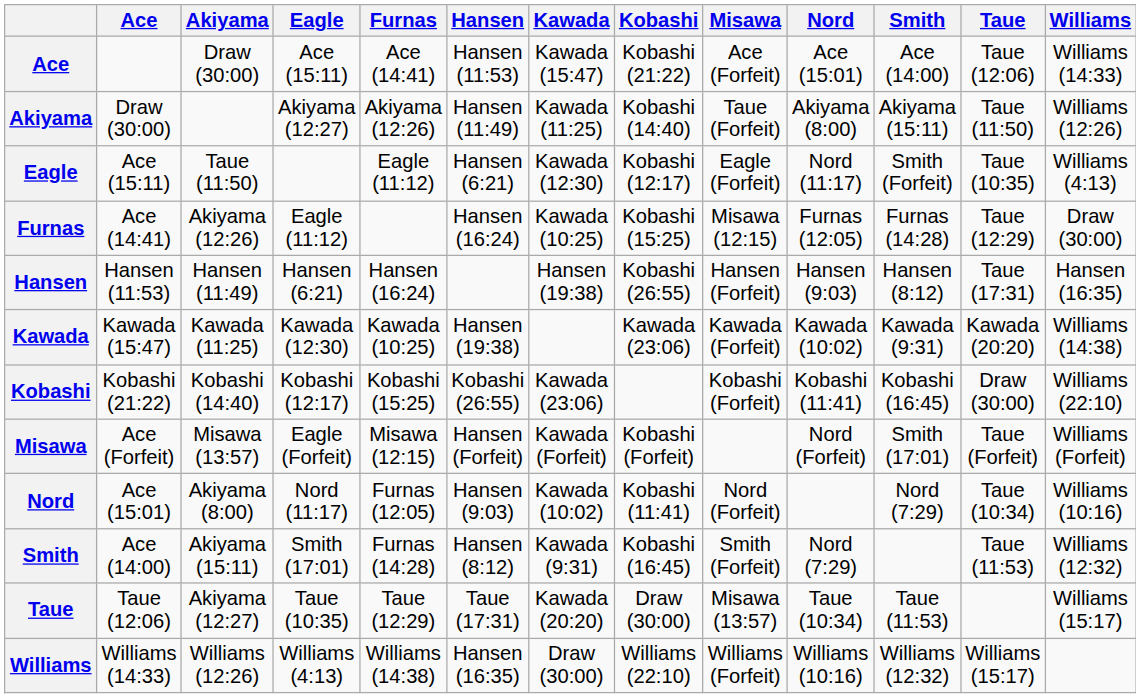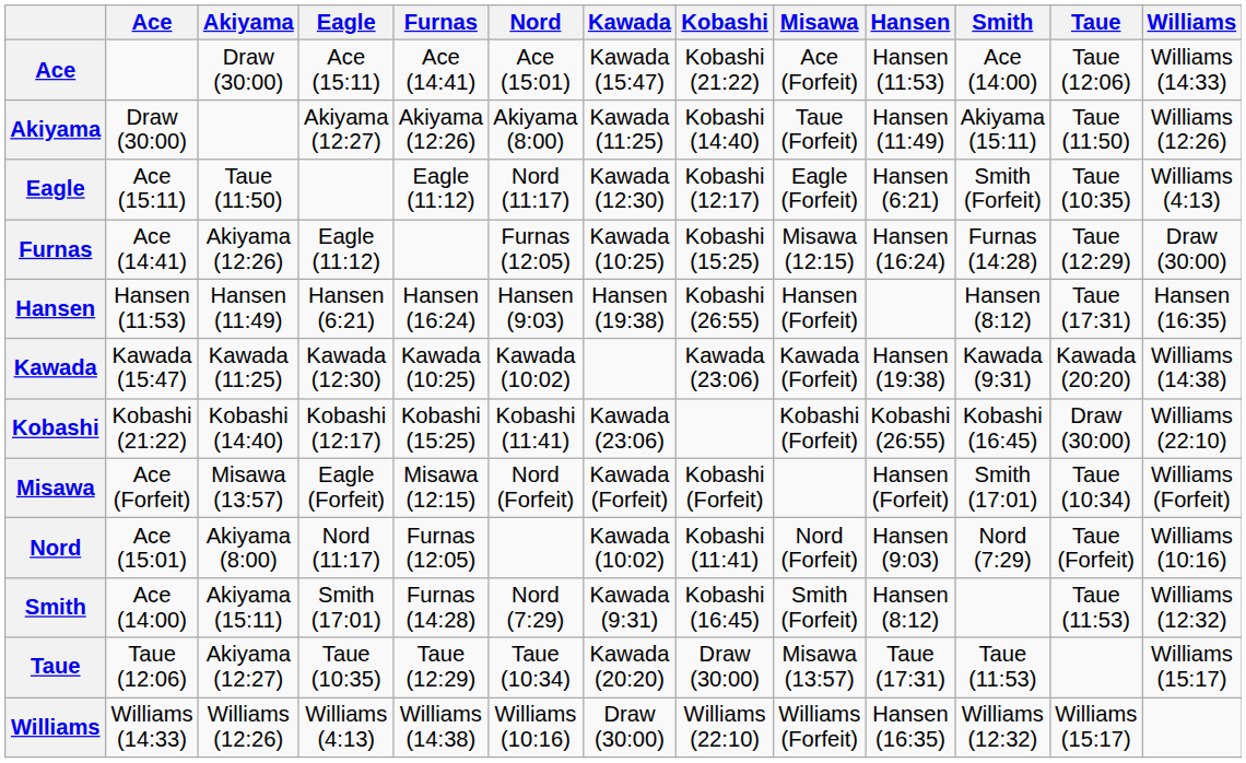 <table class="wikitable" style="margin: 1em auto 1em auto; text-align:center;">
 <tr>
 <th></th>
 <th><a href='#'>Ace</a></th>
 <th><a href='#'>Akiyama</a></th>
 <th><a href='#'>Eagle</a></th>
 <th><a href='#'>Furnas</a></th>
-<th><a href='#'>Hansen</a></th>
+<th><a href='#'>Nord</a></th>
 <th><a href='#'>Kawada</a></th>
 <th><a href='#'>Kobashi</a></th>
 <th><a href='#'>Misawa</a></th>
-<th><a href='#'>Nord</a></th>
+<th><a href='#'>Hansen</a></th>
 <th><a href='#'>Smith</a></th>
 <th><a href='#'>Taue</a></th>
 <th><a href='#'>Williams</a></th>
 </tr>
 <tr>
 <th><a href='#'>Ace</a></th>
 <td></td>
 <td>Draw<br>(30:00)</td>
 <td>Ace<br>(15:11)</td>
 <td>Ace<br>(14:41)</td>
-<td>Hansen<br>(11:53)</td>
+<td>Ace<br>(15:01)</td>
 <td>Kawada<br>(15:47)</td>
 <td>Kobashi<br>(21:22)</td>
 <td>Ace<br>(Forfeit)</td>
-<td>Ace<br>(15:01)</td>
+<td>Hansen<br>(11:53)</td>
 <td>Ace<br>(14:00)</td>
 <td>Taue<br>(12:06)</td>
 <td>Williams<br>(14:33)</td>
 </tr>
 <tr>
 <th><a href='#'>Akiyama</a></th>
 <td>Draw<br>(30:00)</td>
 <td></td>
 <td>Akiyama<br>(12:27)</td>
 <td>Akiyama<br>(12:26)</td>
-<td>Hansen<br>(11:49)</td>
+<td>Akiyama<br>(8:00)</td>
 <td>Kawada<br>(11:25)</td>
 <td>Kobashi<br>(14:40)</td>
 <td>Taue<br>(Forfeit)</td>
-<td>Akiyama<br>(8:00)</td>
+<td>Hansen<br>(11:49)</td>
 <td>Akiyama<br>(15:11)</td>
 <td>Taue<br>(11:50)</td>
 <td>Williams<br>(12:26)</td>
 </tr>
 <tr>
 <th><a href='#'>Eagle</a></th>
 <td>Ace<br>(15:11)</td>
 <td>Taue<br>(11:50)</td>
 <td></td>
 <td>Eagle<br>(11:12)</td>
-<td>Hansen<br>(6:21)</td>
+<td>Nord<br>(11:17)</td>
 <td>Kawada<br>(12:30)</td>
 <td>Kobashi<br>(12:17)</td>
 <td>Eagle<br>(Forfeit)</td>
-<td>Nord<br>(11:17)</td>
+<td>Hansen<br>(6:21)</td>
 <td>Smith<br>(Forfeit)</td>
 <td>Taue<br>(10:35)</td>
 <td>Williams<br>(4:13)</td>
 </tr>
 <tr>
 <th><a href='#'>Furnas</a></th>
 <td>Ace<br>(14:41)</td>
 <td>Akiyama<br>(12:26)</td>
 <td>Eagle<br>(11:12)</td>
 <td></td>
-<td>Hansen<br>(16:24)</td>
+<td>Furnas<br>(12:05)</td>
 <td>Kawada<br>(10:25)</td>
 <td>Kobashi<br>(15:25)</td>
 <td>Misawa<br>(12:15)</td>
-<td>Furnas<br>(12:05)</td>
+<td>Hansen<br>(16:24)</td>
 <td>Furnas<br>(14:28)</td>
 <td>Taue<br>(12:29)</td>
 <td>Draw<br>(30:00)</td>
 </tr>
 <tr>
 <th><a href='#'>Hansen</a></th>
 <td>Hansen<br>(11:53)</td>
 <td>Hansen<br>(11:49)</td>
 <td>Hansen<br>(6:21)</td>
 <td>Hansen<br>(16:24)</td>
-<td></td>
+<td>Hansen<br>(9:03)</td>
 <td>Hansen<br>(19:38)</td>
 <td>Kobashi<br>(26:55)</td>
 <td>Hansen<br>(Forfeit)</td>
-<td>Hansen<br>(9:03)</td>
+<td></td>
 <td>Hansen<br>(8:12)</td>
 <td>Taue<br>(17:31)</td>
 <td>Hansen<br>(16:35)</td>
 </tr>
 <tr>
 <th><a href='#'>Kawada</a></th>
 <td>Kawada<br>(15:47)</td>
 <td>Kawada<br>(11:25)</td>
 <td>Kawada<br>(12:30)</td>
 <td>Kawada<br>(10:25)</td>
-<td>Hansen<br>(19:38)</td>
+<td>Kawada<br>(10:02)</td>
 <td></td>
 <td>Kawada<br>(23:06)</td>
 <td>Kawada<br>(Forfeit)</td>
-<td>Kawada<br>(10:02)</td>
+<td>Hansen<br>(19:38)</td>
 <td>Kawada<br>(9:31)</td>
 <td>Kawada<br>(20:20)</td>
 <td>Williams<br>(14:38)</td>
 </tr>
 <tr>
 <th><a href='#'>Kobashi</a></th>
 <td>Kobashi<br>(21:22)</td>
 <td>Kobashi<br>(14:40)</td>
 <td>Kobashi<br>(12:17)</td>
 <td>Kobashi<br>(15:25)</td>
-<td>Kobashi<br>(26:55)</td>
+<td>Kobashi<br>(11:41)</td>
 <td>Kawada<br>(23:06)</td>
 <td></td>
 <td>Kobashi<br>(Forfeit)</td>
-<td>Kobashi<br>(11:41)</td>
+<td>Kobashi<br>(26:55)</td>
 <td>Kobashi<br>(16:45)</td>
 <td>Draw<br>(30:00)</td>
 <td>Williams<br>(22:10)</td>
 </tr>
 <tr>
 <th><a href='#'>Misawa</a></th>
 <td>Ace<br>(Forfeit)</td>
 <td>Misawa<br>(13:57)</td>
 <td>Eagle<br>(Forfeit)</td>
 <td>Misawa<br>(12:15)</td>
-<td>Hansen<br>(Forfeit)</td>
+<td>Nord<br>(Forfeit)</td>
 <td>Kawada<br>(Forfeit)</td>
 <td>Kobashi<br>(Forfeit)</td>
 <td></td>
-<td>Nord<br>(Forfeit)</td>
+<td>Hansen<br>(Forfeit)</td>
 <td>Smith<br>(17:01)</td>
-<td>Taue<br>(Forfeit)</td>
+<td>Taue<br>(10:34)</td>
 <td>Williams<br>(Forfeit)</td>
 </tr>
 <tr>
 <th><a href='#'>Nord</a></th>
 <td>Ace<br>(15:01)</td>
 <td>Akiyama<br>(8:00)</td>
 <td>Nord<br>(11:17)</td>
 <td>Furnas<br>(12:05)</td>
-<td>Hansen<br>(9:03)</td>
+<td></td>
 <td>Kawada<br>(10:02)</td>
 <td>Kobashi<br>(11:41)</td>
 <td>Nord<br>(Forfeit)</td>
-<td></td>
+<td>Hansen<br>(9:03)</td>
 <td>Nord<br>(7:29)</td>
-<td>Taue<br>(10:34)</td>
+<td>Taue<br>(Forfeit)</td>
 <td>Williams<br>(10:16)</td>
 </tr>
 <tr>
 <th><a href='#'>Smith</a></th>
 <td>Ace<br>(14:00)</td>
 <td>Akiyama<br>(15:11)</td>
 <td>Smith<br>(17:01)</td>
 <td>Furnas<br>(14:28)</td>
-<td>Hansen<br>(8:12)</td>
+<td>Nord<br>(7:29)</td>
 <td>Kawada<br>(9:31)</td>
 <td>Kobashi<br>(16:45)</td>
 <td>Smith<br>(Forfeit)</td>
-<td>Nord<br>(7:29)</td>
+<td>Hansen<br>(8:12)</td>
 <td></td>
 <td>Taue<br>(11:53)</td>
 <td>Williams<br>(12:32)</td>
 </tr>
 <tr>
 <th><a href='#'>Taue</a></th>
 <td>Taue<br>(12:06)</td>
 <td>Akiyama<br>(12:27)</td>
 <td>Taue<br>(10:35)</td>
 <td>Taue<br>(12:29)</td>
-<td>Taue<br>(17:31)</td>
+<td>Taue<br>(10:34)</td>
 <td>Kawada<br>(20:20)</td>
 <td>Draw<br>(30:00)</td>
 <td>Misawa<br>(13:57)</td>
-<td>Taue<br>(10:34)</td>
+<td>Taue<br>(17:31)</td>
 <td>Taue<br>(11:53)</td>
 <td></td>
 <td>Williams<br>(15:17)</td>
 </tr>
 <tr>
 <th><a href='#'>Williams</a></th>
 <td>Williams<br>(14:33)</td>
 <td>Williams<br>(12:26)</td>
 <td>Williams<br>(4:13)</td>
 <td>Williams<br>(14:38)</td>
-<td>Hansen<br>(16:35)</td>
+<td>Williams<br>(10:16)</td>
 <td>Draw<br>(30:00)</td>
 <td>Williams<br>(22:10)</td>
 <td>Williams<br>(Forfeit)</td>
-<td>Williams<br>(10:16)</td>
+<td>Hansen<br>(16:35)</td>
 <td>Williams<br>(12:32)</td>
 <td>Williams<br>(15:17)</td>
 <td></td>
 </tr>
 </table>
